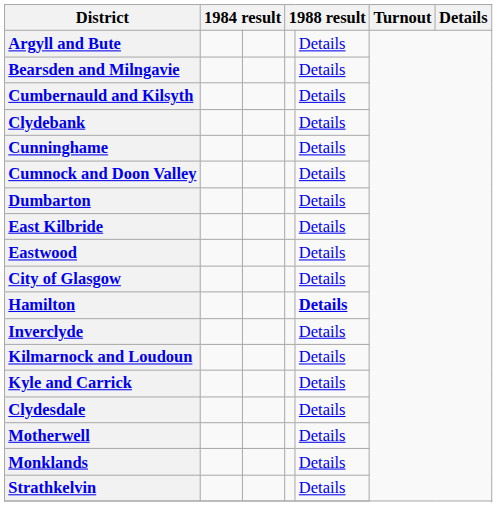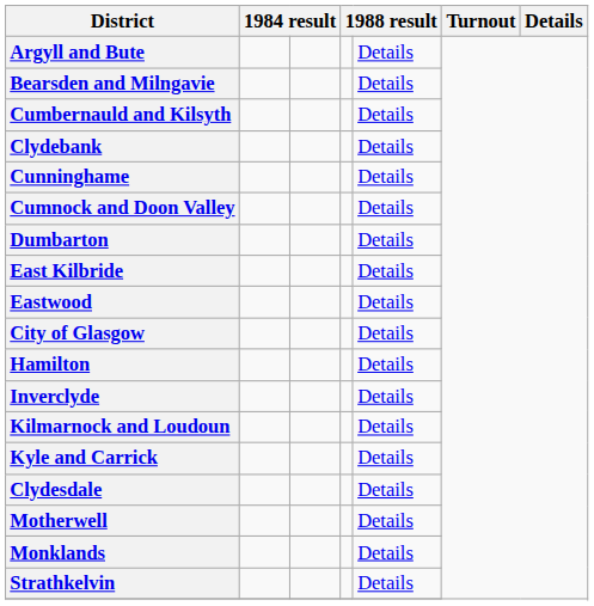 <table class="wikitable">
 <tr>
 <th scope="col">District</th>
 <th scope="col" colspan="2">1984 result</th>
 <th scope="col" colspan="2">1988 result</th>
 <th scope="col">Turnout</th>
 <th scope="col">Details</th>
 </tr>
 <tr>
 <th scope="row" style="text-align: left;"><a href='#'>Argyll and Bute</a></th>
 <td></td>
 <td></td>
 <td></td>
 <td><a href='#'>Details</a></td>
 </tr>
 <tr>
 <th scope="row" style="text-align: left;"><a href='#'>Bearsden and Milngavie</a></th>
 <td></td>
 <td></td>
 <td></td>
 <td><a href='#'>Details</a></td>
 </tr>
 <tr>
 <th scope="row" style="text-align: left;"><a href='#'>Cumbernauld and Kilsyth</a></th>
 <td></td>
 <td></td>
 <td></td>
 <td><a href='#'>Details</a></td>
 </tr>
 <tr>
 <th scope="row" style="text-align: left;"><a href='#'>Clydebank</a></th>
 <td></td>
 <td></td>
 <td></td>
 <td><a href='#'>Details</a></td>
 </tr>
 <tr>
 <th scope="row" style="text-align: left;"><a href='#'>Cunninghame</a></th>
 <td></td>
 <td></td>
 <td></td>
 <td><a href='#'>Details</a></td>
 </tr>
 <tr>
 <th scope="row" style="text-align: left;"><a href='#'>Cumnock and Doon Valley</a></th>
 <td></td>
 <td></td>
 <td></td>
 <td><a href='#'>Details</a></td>
 </tr>
 <tr>
 <th scope="row" style="text-align: left;"><a href='#'>Dumbarton</a></th>
 <td></td>
 <td></td>
 <td></td>
 <td><a href='#'>Details</a></td>
 </tr>
 <tr>
 <th scope="row" style="text-align: left;"><a href='#'>East Kilbride</a></th>
 <td></td>
 <td></td>
 <td></td>
 <td><a href='#'>Details</a></td>
 </tr>
 <tr>
 <th scope="row" style="text-align: left;"><a href='#'>Eastwood</a></th>
 <td></td>
 <td></td>
 <td></td>
 <td><a href='#'>Details</a></td>
 </tr>
 <tr>
 <th scope="row" style="text-align: left;"><a href='#'>City of Glasgow</a></th>
 <td></td>
 <td></td>
 <td></td>
 <td><a href='#'>Details</a></td>
 </tr>
 <tr>
 <th scope="row" style="text-align: left;"><a href='#'>Hamilton</a></th>
 <td></td>
 <td></td>
 <td></td>
-<td><strong><a href='#'>Details</a></strong></td>
+<td><a href='#'>Details</a></td>
 </tr>
 <tr>
 <th scope="row" style="text-align: left;"><a href='#'>Inverclyde</a></th>
 <td></td>
 <td></td>
 <td></td>
 <td><a href='#'>Details</a></td>
 </tr>
 <tr>
 <th scope="row" style="text-align: left;"><a href='#'>Kilmarnock and Loudoun</a></th>
 <td></td>
 <td></td>
 <td></td>
 <td><a href='#'>Details</a></td>
 </tr>
 <tr>
 <th scope="row" style="text-align: left;"><a href='#'>Kyle and Carrick</a></th>
 <td></td>
 <td></td>
 <td></td>
 <td><a href='#'>Details</a></td>
 </tr>
 <tr>
 <th scope="row" style="text-align: left;"><a href='#'>Clydesdale</a></th>
 <td></td>
 <td></td>
 <td></td>
 <td><a href='#'>Details</a></td>
 </tr>
 <tr>
 <th scope="row" style="text-align: left;"><a href='#'>Motherwell</a></th>
 <td></td>
 <td></td>
 <td></td>
 <td><a href='#'>Details</a></td>
 </tr>
 <tr>
 <th scope="row" style="text-align: left;"><a href='#'>Monklands</a></th>
 <td></td>
 <td></td>
 <td></td>
 <td><a href='#'>Details</a></td>
 </tr>
 <tr>
 <th scope="row" style="text-align: left;"><a href='#'>Strathkelvin</a></th>
 <td></td>
 <td></td>
 <td></td>
 <td><a href='#'>Details</a></td>
 </tr>
 <tr>
 </tr>
 </table>
